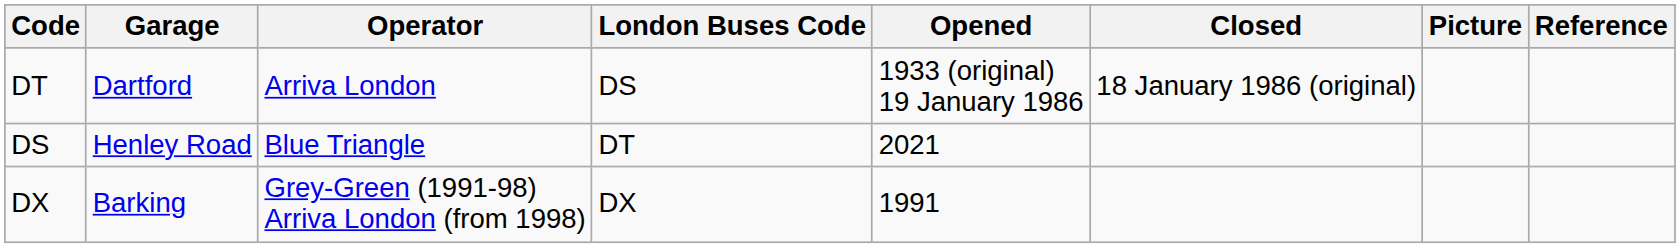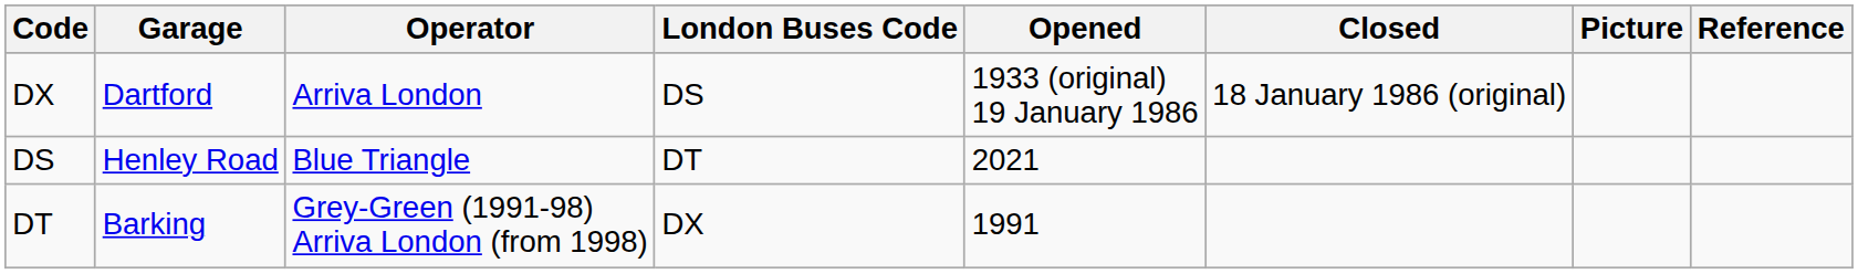 <table class="wikitable">
 <tr>
 <th>Code</th>
 <th>Garage</th>
 <th>Operator</th>
 <th>London Buses Code</th>
 <th>Opened</th>
 <th>Closed</th>
 <th>Picture</th>
 <th>Reference</th>
 </tr>
 <tr>
-<td>DT</td>
+<td>DX</td>
 <td><a href='#'>Dartford</a></td>
 <td><a href='#'>Arriva London</a></td>
 <td>DS</td>
 <td>1933 (original)<br>19 January 1986</td>
 <td>18 January 1986 (original)</td>
 <td></td>
 <td></td>
 </tr>
 <tr>
 <td>DS</td>
 <td><a href='#'>Henley Road</a></td>
 <td><a href='#'>Blue Triangle</a></td>
 <td>DT</td>
 <td>2021</td>
 <td></td>
 <td></td>
 <td></td>
 </tr>
 <tr>
-<td>DX</td>
+<td>DT</td>
 <td><a href='#'>Barking</a></td>
 <td><a href='#'>Grey-Green</a> (1991-98)<br><a href='#'>Arriva London</a> (from 1998)</td>
 <td>DX</td>
 <td>1991</td>
 <td></td>
 <td></td>
 <td></td>
 </tr>
 </table>
